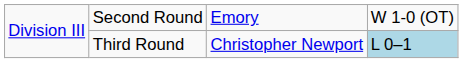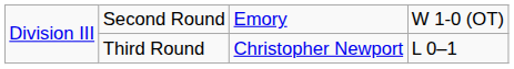 <table class="wikitable">
 <tr>
 <td rowspan="2"><a href='#'>Division III</a></td>
 <td>Second Round</td>
 <td><a href='#'>Emory</a></td>
 <td>W 1-0 (OT)</td>
 </tr>
 <tr>
 <td>Third Round</td>
 <td><a href='#'>Christopher Newport</a></td>
-<td style="background: lightblue;">L 0–1</td>
+<td>L 0–1</td>
 </tr>
 </table>
